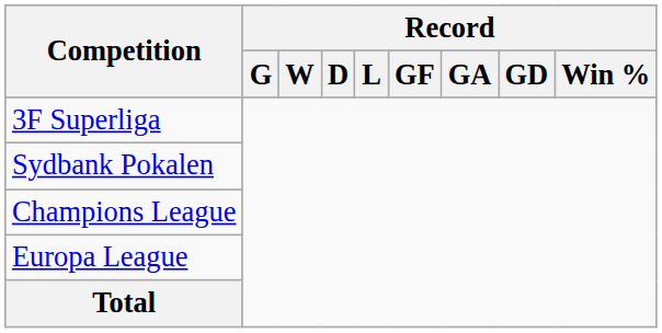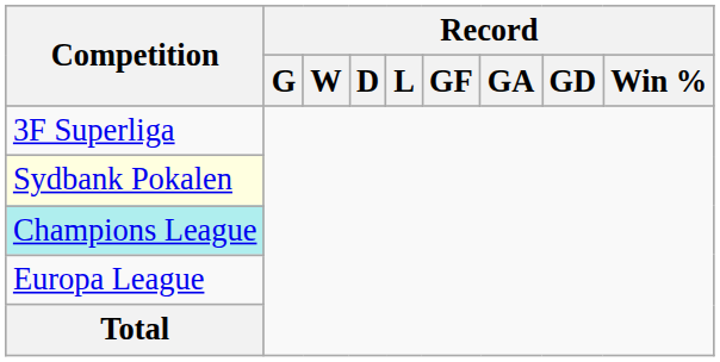 <table class="wikitable" style="text-align: center">
 <tr>
 <th rowspan="2">Competition</th>
 <th colspan="9">Record</th>
 </tr>
 <tr>
 <th>G</th>
 <th>W</th>
 <th>D</th>
 <th>L</th>
 <th>GF</th>
 <th>GA</th>
 <th>GD</th>
 <th>Win %</th>
 </tr>
 <tr>
 <td style="text-align: left"><a href='#'>3F Superliga</a><br></td>
 </tr>
 <tr>
-<td style="text-align: left"><a href='#'>Sydbank Pokalen</a><br></td>
+<td style="background: lightyellow; text-align: left"><a href='#'>Sydbank Pokalen</a><br></td>
 </tr>
 <tr>
-<td style="text-align: left"><a href='#'>Champions League</a><br></td>
+<td style="background: paleturquoise; text-align: left"><a href='#'>Champions League</a><br></td>
 </tr>
 <tr>
 <td style="text-align: left"><a href='#'>Europa League</a><br></td>
 </tr>
 <tr>
 <th>Total<br></th>
 </tr>
 </table>
